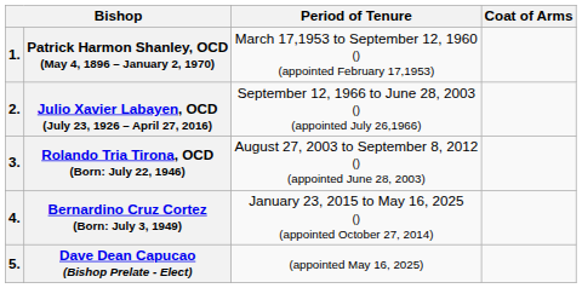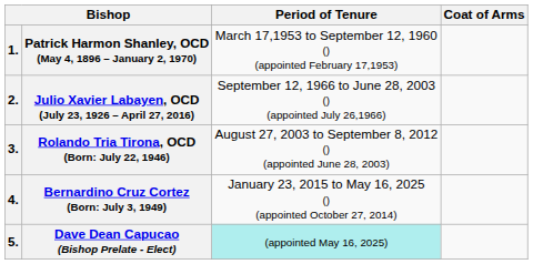 <table class="wikitable" style="text-align:center;">
 <tr>
 <th colspan=2>Bishop</th>
 <th>Period of Tenure</th>
 <th>Coat of Arms</th>
 </tr>
 <tr>
 <th>1.</th>
 <th>Patrick Harmon Shanley, OCD <br> <small>(May 4, 1896	 – January 2, 1970)</small></th>
 <td>March 17,1953 to September 12, 1960 <br> <small>()</small> <br> <small>(appointed February 17,1953) </small></td>
 <td></td>
 </tr>
 <tr>
 <th>2.</th>
 <th><br><a href='#'>Julio Xavier Labayen</a>, OCD <br> <small>(July 23, 1926 – April 27, 2016)</small></th>
 <td>September 12, 1966 to June 28, 2003 <br> <small>()</small> <br> <small>(appointed July 26,1966) </small></td>
 <td></td>
 </tr>
 <tr>
 <th>3.</th>
 <th><a href='#'>Rolando Tria Tirona</a>, OCD<br> <small>(Born: July 22, 1946)</small></th>
 <td>August 27, 2003 to September 8, 2012 <br> <small>()</small> <br> <small>(appointed June 28, 2003) </small></td>
 <td></td>
 </tr>
 <tr>
 <th>4.</th>
 <th><a href='#'>Bernardino Cruz Cortez</a> <br> <small>(Born: July 3, 1949)</small></th>
 <td>January 23, 2015 to May 16, 2025 <br> <small>()</small> <br> <small>(appointed October 27, 2014) </small></td>
 <td></td>
 </tr>
 <tr>
 <th>5.</th>
 <th><a href='#'>Dave Dean Capucao</a><br> <small> <em>(Bishop Prelate - Elect)</em></small></th>
-<td><small> (appointed May 16, 2025) </small></td>
+<td style="background: paleturquoise;"><small> (appointed May 16, 2025) </small></td>
 <td></td>
 </tr>
 </table>
